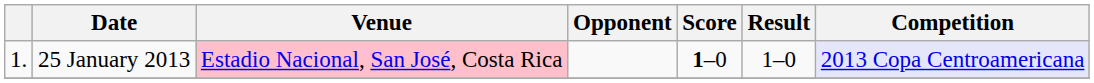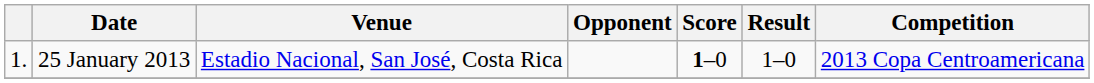 <table class="wikitable">
 <tr>
 <th></th>
 <th>Date</th>
 <th>Venue</th>
 <th>Opponent</th>
 <th>Score</th>
 <th>Result</th>
 <th>Competition</th>
 </tr>
 <tr>
 <td align="center">1.</td>
 <td>25 January 2013</td>
-<td style="background: pink;"><a href='#'>Estadio Nacional</a>, <a href='#'>San José</a>, Costa Rica</td>
+<td><a href='#'>Estadio Nacional</a>, <a href='#'>San José</a>, Costa Rica</td>
 <td></td>
 <td align="center"><strong>1</strong>–0</td>
 <td align="center">1–0</td>
-<td style="background: lavender;"><a href='#'>2013 Copa Centroamericana</a></td>
+<td><a href='#'>2013 Copa Centroamericana</a></td>
 </tr>
 <tr>
 </tr>
 </table>
